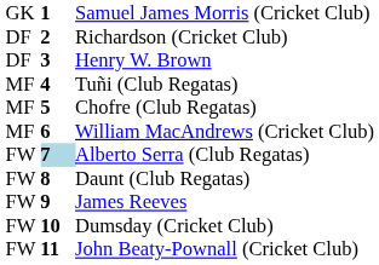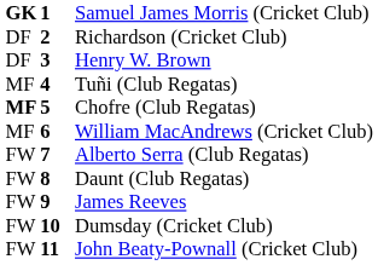 <table style="font-size: 90%" cellspacing="0" cellpadding="0" align=center>
 <tr>
 <td colspan="4"></td>
 </tr>
 <tr>
 <th width=25></th>
 <th width=25></th>
 </tr>
 <tr>
-<td>GK</td>
+<td><strong>GK</strong></td>
 <td><strong>1</strong></td>
 <td> <a href='#'>Samuel James Morris</a> (Cricket Club)</td>
 </tr>
 <tr>
 <td>DF</td>
 <td><strong>2</strong></td>
 <td> Richardson (Cricket Club)</td>
 </tr>
 <tr>
 <td>DF</td>
 <td><strong>3</strong></td>
 <td> <a href='#'>Henry W. Brown</a></td>
 </tr>
 <tr>
 <td>MF</td>
 <td><strong>4</strong></td>
 <td> Tuñi (Club Regatas)</td>
 </tr>
 <tr>
-<td>MF</td>
+<td><strong>MF</strong></td>
 <td><strong>5</strong></td>
 <td> Chofre (Club Regatas)</td>
 </tr>
 <tr>
 <td>MF</td>
 <td><strong>6</strong></td>
 <td> <a href='#'>William MacAndrews</a> (Cricket Club)</td>
 </tr>
 <tr>
 <td>FW</td>
-<td style="background: lightblue;"><strong>7</strong></td>
+<td><strong>7</strong></td>
 <td> <a href='#'>Alberto Serra</a> (Club Regatas)</td>
 </tr>
 <tr>
 <td>FW</td>
 <td><strong>8</strong></td>
 <td> Daunt (Club Regatas)</td>
 </tr>
 <tr>
 <td>FW</td>
 <td><strong>9</strong></td>
 <td> <a href='#'>James Reeves</a></td>
 </tr>
 <tr>
 <td>FW</td>
 <td><strong>10</strong></td>
 <td> Dumsday (Cricket Club)</td>
 </tr>
 <tr>
 <td>FW</td>
 <td><strong>11</strong></td>
 <td> <a href='#'>John Beaty-Pownall</a> (Cricket Club)</td>
 </tr>
 <tr>
 </tr>
 </table>
